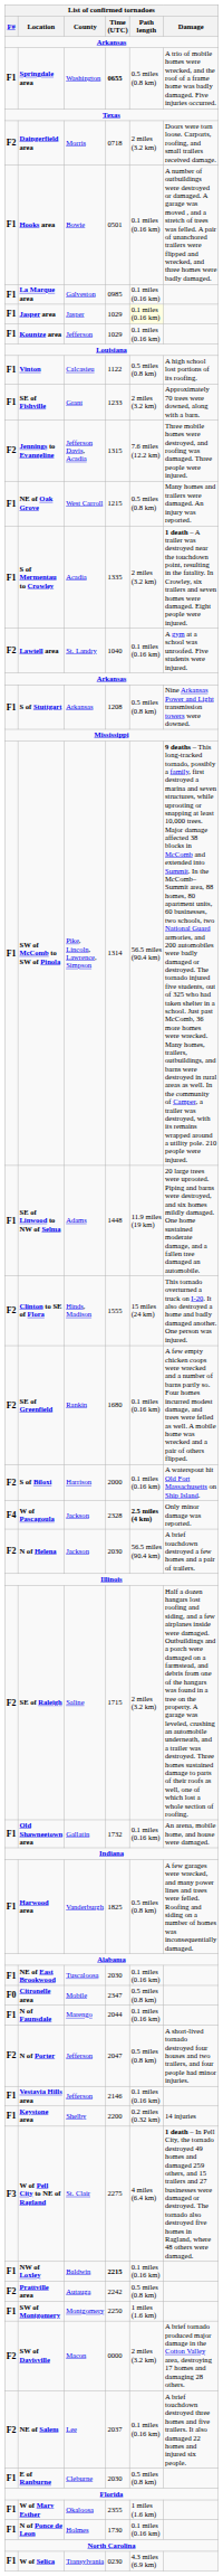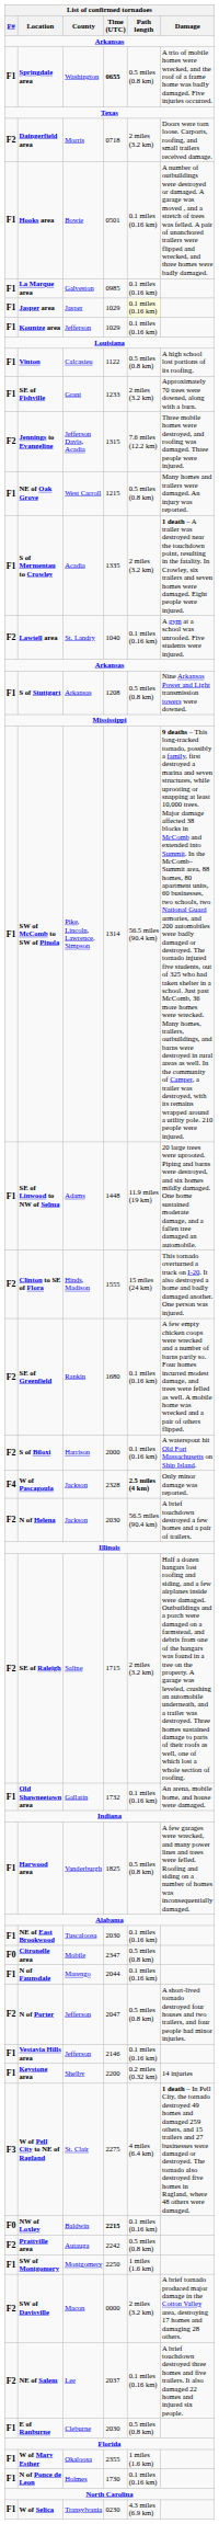 <table class="wikitable toccolours collapsible" width="65%">
 <tr>
 <th colspan="6">List of confirmed tornadoes</th>
 </tr>
 <tr>
 <th><a href='#'>F#</a></th>
 <th>Location</th>
 <th>County</th>
 <th>Time (UTC)</th>
 <th>Path length</th>
 <th>Damage</th>
 </tr>
 <tr>
 <td colspan="7" align=center><strong><a href='#'>Arkansas</a></strong></td>
 </tr>
 <tr>
 <td><big><strong>F1</strong></big></td>
 <td><strong><a href='#'>Springdale</a> area</strong></td>
 <td><a href='#'>Washington</a></td>
 <td><strong>0655</strong></td>
 <td>0.5 miles <br>(0.8 km)</td>
 <td>A trio of mobile homes were wrecked, and the roof of a frame home was badly damaged. Five injuries occurred.</td>
 </tr>
 <tr>
 <td colspan="7" align=center><strong><a href='#'>Texas</a></strong></td>
 </tr>
 <tr>
 <td><big><strong>F2</strong></big></td>
 <td><strong><a href='#'>Daingerfield</a> area</strong></td>
 <td><a href='#'>Morris</a></td>
 <td>0718</td>
 <td>2 miles <br>(3.2 km)</td>
 <td>Doors were torn loose. Carports, roofing, and small trailers received damage.</td>
 </tr>
 <tr>
 <td><big><strong>F1</strong></big></td>
 <td><strong><a href='#'>Hooks</a> area</strong></td>
 <td><a href='#'>Bowie</a></td>
 <td>0501</td>
 <td>0.1 miles <br>(0.16 km)</td>
 <td>A number of outbuildings were destroyed or damaged. A garage was moved , and a  stretch of trees was felled. A pair of unanchored trailers were flipped and wrecked, and three homes were badly damaged.</td>
 </tr>
 <tr>
 <td><big><strong>F1</strong></big></td>
 <td><strong><a href='#'>La Marque</a> area</strong></td>
 <td><a href='#'>Galveston</a></td>
 <td>0985</td>
 <td>0.1 miles <br>(0.16 km)</td>
 <td></td>
 </tr>
 <tr>
 <td><big><strong>F1</strong></big></td>
 <td><strong><a href='#'>Jasper</a> area</strong></td>
 <td><a href='#'>Jasper</a></td>
 <td>1029</td>
 <td style="background: lightyellow;">0.1 miles <br>(0.16 km)</td>
 <td></td>
 </tr>
 <tr>
 <td><big><strong>F1</strong></big></td>
 <td><strong><a href='#'>Kountze</a> area</strong></td>
 <td><a href='#'>Jefferson</a></td>
 <td>1029</td>
 <td>0.1 miles <br>(0.16 km)</td>
 <td></td>
 </tr>
 <tr>
 <td colspan="7" align=center><strong><a href='#'>Louisiana</a></strong></td>
 </tr>
 <tr>
 <td><big><strong>F1</strong></big></td>
 <td><strong><a href='#'>Vinton</a></strong></td>
 <td><a href='#'>Calcasieu</a></td>
 <td>1122</td>
 <td>0.5 miles <br>(0.8 km)</td>
 <td>A high school lost portions of its roofing.</td>
 </tr>
 <tr>
 <td><big><strong>F1</strong></big></td>
 <td><strong>SE of <a href='#'>Fishville</a></strong></td>
 <td><a href='#'>Grant</a></td>
 <td>1233</td>
 <td>2 miles <br>(3.2 km)</td>
 <td>Approximately 70 trees were downed, along with a barn.</td>
 </tr>
 <tr>
 <td><big><strong>F2</strong></big></td>
 <td><strong><a href='#'>Jennings</a> to <a href='#'>Evangeline</a></strong></td>
 <td><a href='#'>Jefferson Davis</a>, <a href='#'>Acadia</a></td>
 <td>1315</td>
 <td>7.6 miles <br>(12.2 km)</td>
 <td>Three mobile homes were destroyed, and roofing was damaged. Three people were injured.</td>
 </tr>
 <tr>
 <td><big><strong>F1</strong></big></td>
 <td><strong>NE of <a href='#'>Oak Grove</a></strong></td>
 <td><a href='#'>West Carroll</a></td>
 <td>1215</td>
 <td>0.5 miles <br>(0.8 km)</td>
 <td>Many homes and trailers were damaged. An injury was reported.</td>
 </tr>
 <tr>
 <td><big><strong>F1</strong></big></td>
 <td><strong>S of <a href='#'>Mermentau</a> to <a href='#'>Crowley</a></strong></td>
 <td><a href='#'>Acadia</a></td>
 <td>1335</td>
 <td>2 miles <br>(3.2 km)</td>
 <td><strong>1 death</strong> – A trailer was destroyed near the touchdown point, resulting in the fatality. In Crowley, six trailers and seven homes were damaged. Eight people were injured.</td>
 </tr>
 <tr>
 <td><big><strong>F2</strong></big></td>
 <td><strong><a href='#'>Lawtell</a> area</strong></td>
 <td><a href='#'>St. Landry</a></td>
 <td>1040</td>
 <td>0.1 miles <br>(0.16 km)</td>
 <td>A <a href='#'>gym</a> at a school was unroofed. Five students were injured.</td>
 </tr>
 <tr>
 <td colspan="7" align=center><strong><a href='#'>Arkansas</a></strong></td>
 </tr>
 <tr>
 <td><big><strong>F1</strong></big></td>
 <td><strong>S of <a href='#'>Stuttgart</a></strong></td>
 <td><a href='#'>Arkansas</a></td>
 <td>1208</td>
 <td>0.5 miles <br>(0.8 km)</td>
 <td>Nine <a href='#'>Arkansas Power and Light</a> transmission <a href='#'>towers</a> were downed.</td>
 </tr>
 <tr>
 <td colspan="7" align=center><strong><a href='#'>Mississippi</a></strong></td>
 </tr>
 <tr>
 <td><big><strong>F1</strong></big></td>
 <td><strong>SW of <a href='#'>McComb</a> to SW of <a href='#'>Pinola</a></strong></td>
 <td><a href='#'>Pike</a>, <a href='#'>Lincoln</a>, <a href='#'>Lawrence</a>, <a href='#'>Simpson</a></td>
 <td>1314</td>
 <td>56.5 miles <br>(90.4 km)</td>
 <td><strong>9 deaths</strong> – This long-tracked tornado, possibly a <a href='#'>family</a>, first destroyed a marina and seven structures, while uprooting or snapping at least 10,000 trees. Major damage affected 38 blocks in <a href='#'>McComb</a> and extended into <a href='#'>Summit</a>. In the McComb–Summit area, 88 homes, 80 apartment units, 60 businesses, two schools, two <a href='#'>National Guard</a> armories, and 200 automobiles were badly damaged or destroyed. The tornado injured five students, out of 325 who had taken shelter in a school. Just past McComb, 36 more homes were wrecked. Many homes, trailers, outbuildings, and barns were destroyed in rural areas as well. In the community of <a href='#'>Camper</a>, a trailer was destroyed, with its remains wrapped around a utility pole. 210 people were injured.</td>
 </tr>
 <tr>
 <td><big><strong>F1</strong></big></td>
 <td><strong>SE of <a href='#'>Linwood</a> to NW of <a href='#'>Selma</a></strong></td>
 <td><a href='#'>Adams</a></td>
 <td>1448</td>
 <td>11.9 miles <br>(19 km)</td>
 <td>20 large trees were uprooted. Piping and barns were destroyed, and six homes mildly damaged. One home sustained moderate damage, and a fallen tree damaged an automobile.</td>
 </tr>
 <tr>
 <td><big><strong>F2</strong></big></td>
 <td><strong><a href='#'>Clinton</a> to SE of <a href='#'>Flora</a></strong></td>
 <td><a href='#'>Hinds</a>, <a href='#'>Madison</a></td>
 <td>1555</td>
 <td>15 miles <br>(24 km)</td>
 <td>This tornado overturned a truck on <a href='#'>I-20</a>. It also destroyed a home and badly damaged another. One person was injured.</td>
 </tr>
 <tr>
 <td><big><strong>F2</strong></big></td>
 <td><strong>SE of <a href='#'>Greenfield</a></strong></td>
 <td><a href='#'>Rankin</a></td>
 <td>1680</td>
 <td>0.1 miles <br>(0.16 km)</td>
 <td>A few empty chicken coops were wrecked and a number of barns partly so. Four homes incurred modest damage, and trees were felled as well. A mobile home was wrecked and a pair of others flipped.</td>
 </tr>
 <tr>
 <td><big><strong>F2</strong></big></td>
 <td><strong>S of <a href='#'>Biloxi</a></strong></td>
 <td><a href='#'>Harrison</a></td>
 <td>2000</td>
 <td>0.1 miles <br>(0.16 km)</td>
 <td>A waterspout hit <a href='#'>Old Fort Massachusetts</a> on <a href='#'>Ship Island</a>.</td>
 </tr>
 <tr>
 <td><big><strong>F4</strong></big></td>
 <td><strong>W of <a href='#'>Pascagoula</a></strong></td>
 <td><a href='#'>Jackson</a></td>
 <td>2328</td>
 <td><strong>2.5 miles <br>(4 km)</strong></td>
 <td>Only minor damage was reported.</td>
 </tr>
 <tr>
 <td><big><strong>F2</strong></big></td>
 <td><strong>N of <a href='#'>Helena</a></strong></td>
 <td><a href='#'>Jackson</a></td>
 <td>2030</td>
 <td>56.5 miles <br>(90.4 km)</td>
 <td>A brief touchdown destroyed a few homes and a pair of trailers.</td>
 </tr>
 <tr>
 <td colspan="7" align=center><strong><a href='#'>Illinois</a></strong></td>
 </tr>
 <tr>
 <td><big><strong>F2</strong></big></td>
 <td><strong>SE of <a href='#'>Raleigh</a></strong></td>
 <td><a href='#'>Saline</a></td>
 <td>1715</td>
 <td>2 miles <br>(3.2 km)</td>
 <td>Half a dozen hangars lost roofing and siding, and a few airplanes inside were damaged. Outbuildings and a porch were damaged on a farmstead, and debris from one of the hangars was found in a tree on the property. A garage was leveled, crushing an automobile underneath, and a trailer was destroyed. Three homes sustained damage to parts of their roofs as well, one of which lost a whole section of roofing.</td>
 </tr>
 <tr>
 <td><big><strong>F1</strong></big></td>
 <td><strong><a href='#'>Old Shawneetown</a> area</strong></td>
 <td><a href='#'>Gallatin</a></td>
 <td>1732</td>
 <td>0.1 miles <br>(0.16 km)</td>
 <td>An arena, mobile home, and house were damaged.</td>
 </tr>
 <tr>
 <td colspan="7" align=center><strong><a href='#'>Indiana</a></strong></td>
 </tr>
 <tr>
 <td><big><strong>F1</strong></big></td>
 <td><strong><a href='#'>Harwood</a> area</strong></td>
 <td><a href='#'>Vanderburgh</a></td>
 <td>1825</td>
 <td>0.5 miles <br>(0.8 km)</td>
 <td>A few garages were wrecked, and many power lines and trees were felled. Roofing and siding on a number of homes was inconsequentially damaged.</td>
 </tr>
 <tr>
 <td colspan="7" align=center><strong><a href='#'>Alabama</a></strong></td>
 </tr>
 <tr>
 <td><big><strong>F1</strong></big></td>
 <td><strong>NE of <a href='#'>East Brookwood</a></strong></td>
 <td><a href='#'>Tuscaloosa</a></td>
 <td>2030</td>
 <td>0.1 miles <br>(0.16 km)</td>
 <td></td>
 </tr>
 <tr>
 <td><big><strong>F0</strong></big></td>
 <td><strong><a href='#'>Citronelle</a> area</strong></td>
 <td><a href='#'>Mobile</a></td>
 <td>2347</td>
 <td>0.5 miles <br>(0.8 km)</td>
 <td></td>
 </tr>
 <tr>
 <td><big><strong>F1</strong></big></td>
 <td><strong>N of <a href='#'>Faunsdale</a></strong></td>
 <td><a href='#'>Marengo</a></td>
 <td>2044</td>
 <td>0.1 miles <br>(0.16 km)</td>
 <td></td>
 </tr>
 <tr>
 <td><big><strong>F2</strong></big></td>
 <td><strong>N of <a href='#'>Porter</a></strong></td>
 <td><a href='#'>Jefferson</a></td>
 <td>2047</td>
 <td>0.5 miles <br>(0.8 km)</td>
 <td>A short-lived tornado destroyed four houses and two trailers, and four people had minor injuries.</td>
 </tr>
 <tr>
 <td><big><strong>F1</strong></big></td>
 <td><strong><a href='#'>Vestavia Hills</a> area</strong></td>
 <td><a href='#'>Jefferson</a></td>
 <td>2146</td>
 <td>0.1 miles <br>(0.16 km)</td>
 <td></td>
 </tr>
 <tr>
 <td><big><strong>F1</strong></big></td>
 <td><strong><a href='#'>Keystone</a> area</strong></td>
 <td><a href='#'>Shelby</a></td>
 <td>2200</td>
 <td>0.2 miles <br>(0.32 km)</td>
 <td>14 injuries</td>
 </tr>
 <tr>
 <td><big><strong>F3</strong></big></td>
 <td><strong>W of <a href='#'>Pell City</a> to NE of <a href='#'>Ragland</a></strong></td>
 <td><a href='#'>St. Clair</a></td>
 <td>2275</td>
 <td>4 miles <br>(6.4 km)</td>
 <td><strong>1 death</strong> – In Pell City, the tornado destroyed 49 homes and damaged 259 others, and 15 trailers and 27 businesses were damaged or destroyed. The tornado also destroyed five homes in Ragland, where 48 others were damaged.</td>
 </tr>
 <tr>
-<td><big><strong>F1</strong></big></td>
+<td><big><strong>F0</strong></big></td>
 <td><strong>NW of <a href='#'>Loxley</a></strong></td>
 <td><a href='#'>Baldwin</a></td>
 <td><strong>2215</strong></td>
 <td>0.1 miles <br>(0.16 km)</td>
 <td></td>
 </tr>
 <tr>
 <td><big><strong>F2</strong></big></td>
 <td><strong><a href='#'>Prattville</a> area</strong></td>
 <td><a href='#'>Autauga</a></td>
 <td>2242</td>
 <td>0.5 miles <br>(0.8 km)</td>
 <td></td>
 </tr>
 <tr>
 <td><big><strong>F1</strong></big></td>
 <td><strong>SW of <a href='#'>Montgomery</a></strong></td>
 <td><a href='#'>Montgomery</a></td>
 <td>2250</td>
 <td>1 miles <br>(1.6 km)</td>
 <td></td>
 </tr>
 <tr>
 <td><big><strong>F2</strong></big></td>
 <td><strong>SW of <a href='#'>Davisville</a></strong></td>
 <td><a href='#'>Macon</a></td>
 <td>0000</td>
 <td>2 miles <br>(3.2 km)</td>
 <td>A brief tornado produced major damage in the <a href='#'>Cotton Valley</a> area, destroying 17 homes and damaging 28 others.</td>
 </tr>
 <tr>
 <td><big><strong>F2</strong></big></td>
 <td><strong>NE of <a href='#'>Salem</a></strong></td>
 <td><a href='#'>Lee</a></td>
 <td>2037</td>
 <td>0.1 miles <br>(0.16 km)</td>
 <td>A brief touchdown destroyed three homes and five trailers. It also damaged 22 homes and injured six people.</td>
 </tr>
 <tr>
 <td><big><strong>F1</strong></big></td>
 <td><strong>E of <a href='#'>Ranburne</a></strong></td>
 <td><a href='#'>Cleburne</a></td>
 <td>2030</td>
 <td>0.5 miles <br>(0.8 km)</td>
 <td></td>
 </tr>
 <tr>
 <td colspan="7" align=center><strong><a href='#'>Florida</a></strong></td>
 </tr>
 <tr>
 <td><big><strong>F1</strong></big></td>
 <td><strong>W of <a href='#'>Mary Esther</a></strong></td>
 <td><a href='#'>Okaloosa</a></td>
 <td>2355</td>
 <td>1 miles <br>(1.6 km)</td>
 <td></td>
 </tr>
 <tr>
 <td><big><strong>F1</strong></big></td>
 <td><strong>N of <a href='#'>Ponce de Leon</a></strong></td>
 <td><a href='#'>Holmes</a></td>
 <td>1730</td>
 <td>0.1 miles <br>(0.16 km)</td>
 <td></td>
 </tr>
 <tr>
 <td colspan="7" align=center><strong><a href='#'>North Carolina</a></strong></td>
 </tr>
 <tr>
 <td><big><strong>F1</strong></big></td>
 <td><strong>W of <a href='#'>Selica</a></strong></td>
 <td><a href='#'>Transylvania</a></td>
 <td>0230</td>
 <td>4.3 miles <br>(6.9 km)</td>
 <td></td>
 </tr>
 </table>
